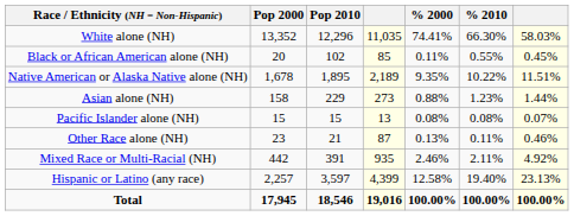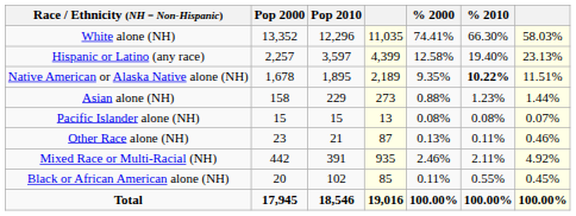 <table class="wikitable" style="text-align:center;">
 <tr>
 <th>Race / Ethnicity <small>(<em>NH = Non-Hispanic</em>)</small></th>
 <th>Pop 2000</th>
 <th>Pop 2010</th>
 <th></th>
 <th>% 2000</th>
 <th>% 2010</th>
 <th></th>
 </tr>
 <tr>
 <td><a href='#'>White</a> alone (NH)</td>
 <td>13,352</td>
 <td>12,296</td>
 <td style='background: #ffffe6;'>11,035</td>
 <td>74.41%</td>
 <td>66.30%</td>
 <td style='background: #ffffe6;'>58.03%</td>
 </tr>
 <tr>
-<td><a href='#'>Black or African American</a> alone (NH)</td>
-<td>20</td>
-<td>102</td>
-<td style='background: #ffffe6;'>85</td>
-<td>0.11%</td>
-<td>0.55%</td>
-<td style='background: #ffffe6;'>0.45%</td>
+<td><a href='#'>Hispanic or Latino</a> (any race)</td>
+<td>2,257</td>
+<td>3,597</td>
+<td style='background: #ffffe6;'>4,399</td>
+<td>12.58%</td>
+<td>19.40%</td>
+<td style='background: #ffffe6;'>23.13%</td>
 </tr>
 <tr>
 <td><a href='#'>Native American</a> or <a href='#'>Alaska Native</a> alone (NH)</td>
 <td>1,678</td>
 <td>1,895</td>
 <td style='background: #ffffe6;'>2,189</td>
 <td>9.35%</td>
-<td>10.22%</td>
+<td><strong>10.22%</strong></td>
 <td style='background: #ffffe6;'>11.51%</td>
 </tr>
 <tr>
 <td><a href='#'>Asian</a> alone (NH)</td>
 <td>158</td>
 <td>229</td>
 <td style='background: #ffffe6;'>273</td>
 <td>0.88%</td>
 <td>1.23%</td>
 <td style='background: #ffffe6;'>1.44%</td>
 </tr>
 <tr>
 <td><a href='#'>Pacific Islander</a> alone (NH)</td>
 <td>15</td>
 <td>15</td>
 <td style='background: #ffffe6;'>13</td>
 <td>0.08%</td>
 <td>0.08%</td>
 <td style='background: #ffffe6;'>0.07%</td>
 </tr>
 <tr>
 <td><a href='#'>Other Race</a> alone (NH)</td>
 <td>23</td>
 <td>21</td>
 <td style='background: #ffffe6;'>87</td>
 <td>0.13%</td>
 <td>0.11%</td>
 <td style='background: #ffffe6;'>0.46%</td>
 </tr>
 <tr>
 <td><a href='#'>Mixed Race or Multi-Racial</a> (NH)</td>
 <td>442</td>
 <td>391</td>
 <td style='background: #ffffe6;'>935</td>
 <td>2.46%</td>
 <td>2.11%</td>
 <td style='background: #ffffe6;'>4.92%</td>
 </tr>
 <tr>
-<td><a href='#'>Hispanic or Latino</a> (any race)</td>
-<td>2,257</td>
-<td>3,597</td>
-<td style='background: #ffffe6;'>4,399</td>
-<td>12.58%</td>
-<td>19.40%</td>
-<td style='background: #ffffe6;'>23.13%</td>
+<td><a href='#'>Black or African American</a> alone (NH)</td>
+<td>20</td>
+<td>102</td>
+<td style='background: #ffffe6;'>85</td>
+<td>0.11%</td>
+<td>0.55%</td>
+<td style='background: #ffffe6;'>0.45%</td>
 </tr>
 <tr>
 <td><strong>Total</strong></td>
 <td><strong>17,945</strong></td>
 <td><strong>18,546</strong></td>
 <td style='background: #ffffe6;'><strong>19,016</strong></td>
 <td><strong>100.00%</strong></td>
 <td><strong>100.00%</strong></td>
 <td style='background: #ffffe6;'><strong>100.00%</strong></td>
 </tr>
 </table>
